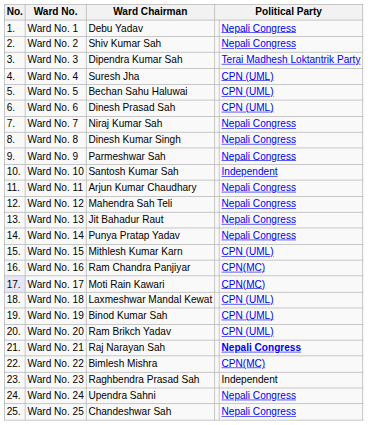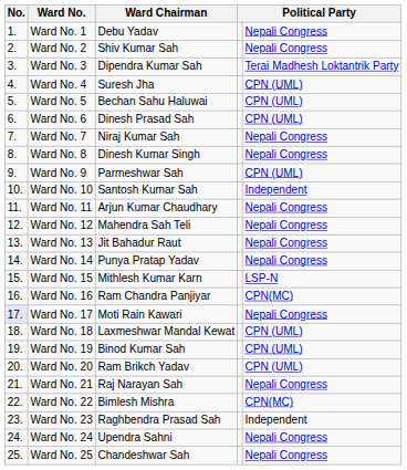 <table class="wikitable sortable">
 <tr>
 <th>No.</th>
 <th>Ward No.</th>
 <th>Ward Chairman</th>
 <th colspan="2">Political Party</th>
 </tr>
 <tr>
 <td>1.</td>
 <td>Ward No. 1</td>
 <td>Debu Yadav</td>
 <td style="background-color:"></td>
 <td><a href='#'>Nepali Congress</a></td>
 </tr>
 <tr>
 <td>2.</td>
 <td>Ward No. 2</td>
 <td>Shiv Kumar Sah</td>
 <td style="background-color:"></td>
 <td><a href='#'>Nepali Congress</a></td>
 </tr>
 <tr>
 <td>3.</td>
 <td>Ward No. 3</td>
 <td>Dipendra Kumar Sah</td>
 <td style="background-color:"></td>
 <td><a href='#'>Terai Madhesh Loktantrik Party</a></td>
 </tr>
 <tr>
 <td>4.</td>
 <td>Ward No. 4</td>
 <td>Suresh Jha</td>
 <td style="background-color:"></td>
 <td><a href='#'>CPN (UML)</a></td>
 </tr>
 <tr>
 <td>5.</td>
 <td>Ward No. 5</td>
 <td>Bechan Sahu Haluwai</td>
 <td style="background-color:"></td>
 <td><a href='#'>CPN (UML)</a></td>
 </tr>
 <tr>
 <td>6.</td>
 <td>Ward No. 6</td>
 <td>Dinesh Prasad Sah</td>
 <td style="background-color:"></td>
 <td><a href='#'>CPN (UML)</a></td>
 </tr>
 <tr>
 <td>7.</td>
 <td>Ward No. 7</td>
 <td>Niraj Kumar Sah</td>
 <td style="background-color:"></td>
 <td><a href='#'>Nepali Congress</a></td>
 </tr>
 <tr>
 <td>8.</td>
 <td>Ward No. 8</td>
 <td>Dinesh Kumar Singh</td>
 <td style="background-color:"></td>
 <td><a href='#'>Nepali Congress</a></td>
 </tr>
 <tr>
 <td>9.</td>
 <td>Ward No. 9</td>
 <td>Parmeshwar Sah</td>
 <td style="background-color:"></td>
-<td><a href='#'>Nepali Congress</a></td>
+<td><a href='#'>CPN (UML)</a></td>
 </tr>
 <tr>
 <td>10.</td>
 <td>Ward No. 10</td>
 <td>Santosh Kumar Sah</td>
 <td style="background-color:"></td>
 <td><a href='#'>Independent</a></td>
 </tr>
 <tr>
 <td>11.</td>
 <td>Ward No. 11</td>
 <td>Arjun Kumar Chaudhary</td>
 <td style="background-color:"></td>
 <td><a href='#'>Nepali Congress</a></td>
 </tr>
 <tr>
 <td>12.</td>
 <td>Ward No. 12</td>
 <td>Mahendra Sah Teli</td>
 <td style="background-color:"></td>
 <td><a href='#'>Nepali Congress</a></td>
 </tr>
 <tr>
 <td>13.</td>
 <td>Ward No. 13</td>
 <td>Jit Bahadur Raut</td>
 <td style="background-color:"></td>
 <td><a href='#'>Nepali Congress</a></td>
 </tr>
 <tr>
 <td>14.</td>
 <td>Ward No. 14</td>
 <td>Punya Pratap Yadav</td>
 <td style="background-color:"></td>
 <td><a href='#'>Nepali Congress</a></td>
 </tr>
 <tr>
 <td>15.</td>
 <td>Ward No. 15</td>
 <td>Mithlesh Kumar Karn</td>
 <td style="background-color:"></td>
-<td><a href='#'>CPN (UML)</a></td>
+<td><a href='#'>LSP-N</a></td>
 </tr>
 <tr>
 <td>16.</td>
 <td>Ward No. 16</td>
 <td>Ram Chandra Panjiyar</td>
 <td style="background-color:"></td>
 <td><a href='#'>CPN(MC)</a></td>
 </tr>
 <tr>
 <td style="background: lavender;">17.</td>
 <td>Ward No. 17</td>
 <td>Moti Rain Kawari</td>
 <td style="background-color:"></td>
-<td><a href='#'>CPN(MC)</a></td>
+<td><a href='#'>Nepali Congress</a></td>
 </tr>
 <tr>
 <td>18.</td>
 <td>Ward No. 18</td>
 <td>Laxmeshwar Mandal Kewat</td>
 <td style="background-color:"></td>
 <td><a href='#'>CPN (UML)</a></td>
 </tr>
 <tr>
 <td>19.</td>
 <td>Ward No. 19</td>
 <td>Binod Kumar Sah</td>
 <td style="background-color:"></td>
 <td><a href='#'>CPN (UML)</a></td>
 </tr>
 <tr>
 <td>20.</td>
 <td>Ward No. 20</td>
 <td>Ram Brikch Yadav</td>
 <td style="background-color:"></td>
 <td><a href='#'>CPN (UML)</a></td>
 </tr>
 <tr>
 <td>21.</td>
 <td>Ward No. 21</td>
 <td>Raj Narayan Sah</td>
 <td style="background-color:"></td>
-<td><strong><a href='#'>Nepali Congress</a></strong></td>
+<td><a href='#'>Nepali Congress</a></td>
 </tr>
 <tr>
 <td>22.</td>
 <td>Ward No. 22</td>
 <td>Bimlesh Mishra</td>
 <td style="background-color:"></td>
 <td><a href='#'>CPN(MC)</a></td>
 </tr>
 <tr>
 <td>23.</td>
 <td>Ward No. 23</td>
 <td>Raghbendra Prasad Sah</td>
 <td style="background-color:"></td>
 <td>Independent</td>
 </tr>
 <tr>
 <td>24.</td>
 <td>Ward No. 24</td>
 <td>Upendra Sahni</td>
 <td style="background-color:"></td>
 <td><a href='#'>Nepali Congress</a></td>
 </tr>
 <tr>
 <td>25.</td>
 <td>Ward No. 25</td>
 <td>Chandeshwar Sah</td>
 <td style="background-color:"></td>
 <td><a href='#'>Nepali Congress</a></td>
 </tr>
 </table>
